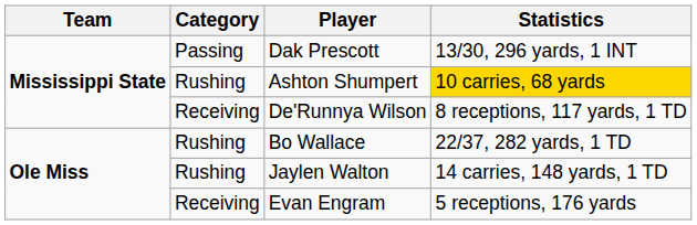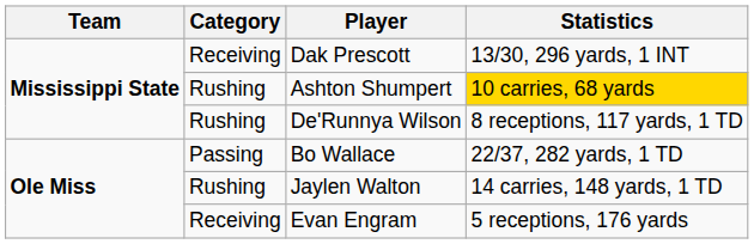 <table class="wikitable" style="float: right;">
 <tr>
 <th>Team</th>
 <th>Category</th>
 <th>Player</th>
 <th>Statistics</th>
 </tr>
 <tr>
 <td rowspan=3><strong>Mississippi State</strong></td>
-<td>Passing</td>
+<td>Receiving</td>
 <td>Dak Prescott</td>
 <td>13/30, 296 yards, 1 INT</td>
 </tr>
 <tr>
 <td>Rushing</td>
 <td>Ashton Shumpert</td>
 <td style="background: gold;">10 carries, 68 yards</td>
 </tr>
 <tr>
-<td>Receiving</td>
+<td>Rushing</td>
 <td>De'Runnya Wilson</td>
 <td>8 receptions, 117 yards, 1 TD</td>
 </tr>
 <tr>
 <td rowspan=3><strong>Ole Miss</strong></td>
-<td>Rushing</td>
+<td>Passing</td>
 <td>Bo Wallace</td>
 <td>22/37, 282 yards, 1 TD</td>
 </tr>
 <tr>
 <td>Rushing</td>
 <td>Jaylen Walton</td>
 <td>14 carries, 148 yards, 1 TD</td>
 </tr>
 <tr>
 <td>Receiving</td>
 <td>Evan Engram</td>
 <td>5 receptions, 176 yards</td>
 </tr>
 </table>
